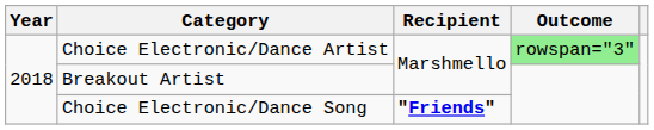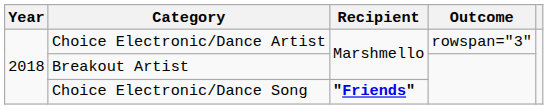 <table class="wikitable sortable">
 <tr>
 <th>Year</th>
 <th>Category</th>
 <th>Recipient</th>
 <th>Outcome</th>
 <th></th>
 </tr>
 <tr>
 <td rowspan="3">2018</td>
 <td>Choice Electronic/Dance Artist</td>
 <td rowspan="2">Marshmello</td>
-<td style="background: lightgreen;">rowspan="3" </td>
+<td>rowspan="3" </td>
 <td rowspan="3"></td>
 </tr>
 <tr>
 <td>Breakout Artist</td>
 </tr>
 <tr>
 <td>Choice Electronic/Dance Song</td>
 <td><strong>"<a href='#'>Friends</a>"</strong></td>
 </tr>
 </table>
